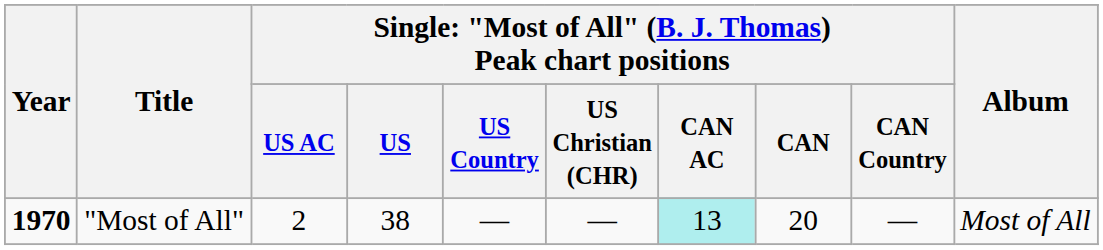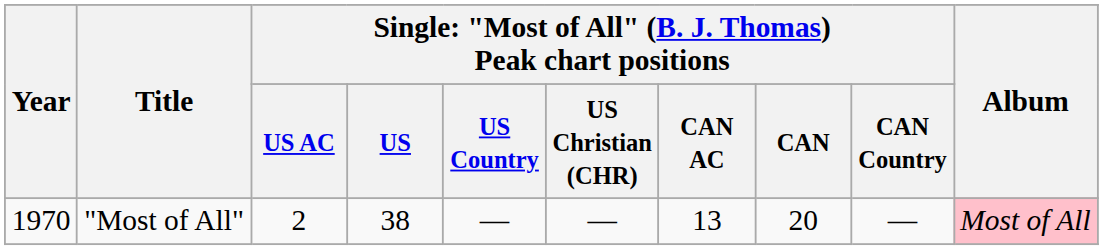 <table class="wikitable">
 <tr>
 <th rowspan="2">Year</th>
 <th rowspan="2">Title</th>
 <th colspan="7">Single: "Most of All" (<a href='#'>B. J. Thomas</a>) <br> Peak chart positions </th>
 <th rowspan="2">Album</th>
 </tr>
 <tr>
 <th width="45"><small><a href='#'>US AC</a></small></th>
 <th width="45"><small><a href='#'>US</a></small></th>
 <th width="45"><small><a href='#'>US Country</a></small></th>
 <th width="45"><small>US Christian (CHR)</small></th>
 <th width="45"><small>CAN AC</small></th>
 <th width="45"><small>CAN</small></th>
 <th width="45"><small>CAN Country</small></th>
 </tr>
 <tr>
-<td><strong>1970</strong></td>
+<td>1970</td>
 <td>"Most of All"</td>
 <td align="center">2</td>
 <td align="center">38</td>
 <td align="center">—</td>
 <td align="center">—</td>
-<td align="center" style="background: paleturquoise;">13</td>
+<td align="center">13</td>
 <td align="center">20</td>
 <td align="center">—</td>
-<td rowspan="1"><em>Most of All</em></td>
+<td rowspan="1" style="background: pink;"><em>Most of All</em></td>
 </tr>
 </table>
